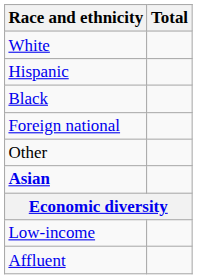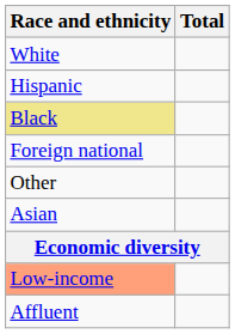 <table class="wikitable floatright sortable collapsible"; text-align:right; font-size:80%;">
 <tr>
 <th>Race and ethnicity</th>
 <th colspan="2" data-sort-type=number>Total</th>
 </tr>
 <tr>
 <td><a href='#'>White</a></td>
 <td align=right></td>
 </tr>
 <tr>
 <td><a href='#'>Hispanic</a></td>
 <td align=right></td>
 </tr>
 <tr>
-<td><a href='#'>Black</a></td>
+<td style="background: khaki;"><a href='#'>Black</a></td>
 <td align=right></td>
 </tr>
 <tr>
 <td><a href='#'>Foreign national</a></td>
 <td align=right></td>
 </tr>
 <tr>
 <td>Other</td>
 <td align=right></td>
 </tr>
 <tr>
-<td><strong><a href='#'>Asian</a></strong></td>
+<td><a href='#'>Asian</a></td>
 <td align=right></td>
 </tr>
 <tr>
 <th colspan="4" data-sort-type=number><a href='#'>Economic diversity</a></th>
 </tr>
 <tr>
-<td><a href='#'>Low-income</a></td>
+<td style="background: lightsalmon;"><a href='#'>Low-income</a></td>
 <td align=right></td>
 </tr>
 <tr>
 <td><a href='#'>Affluent</a></td>
 <td align=right></td>
 </tr>
 </table>
